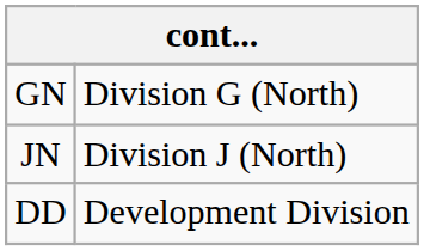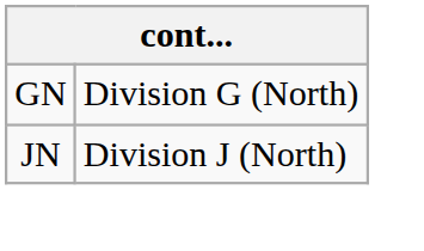 <table class="wikitable" style="font-size:85%">
 <tr>
 <th colspan=2>cont...</th>
 </tr>
 <tr>
 <td style="text-align: center;">GN</td>
 <td>Division G (North)</td>
 </tr>
 <tr>
 <td style="text-align: center;">JN</td>
 <td>Division J (North)</td>
 </tr>
-<tr>
-<td style="text-align: center;">DD</td>
-<td>Development Division</td>
-</tr>
 </table>
